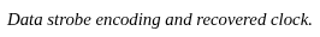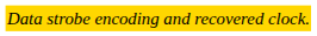 <table align=right>
 <tr>
 <td></td>
 </tr>
 <tr>
-<td><small><em>Data strobe encoding and recovered clock.</em></small></td>
+<td style="background: gold;"><small><em>Data strobe encoding and recovered clock.</em></small></td>
 </tr>
 </table>
